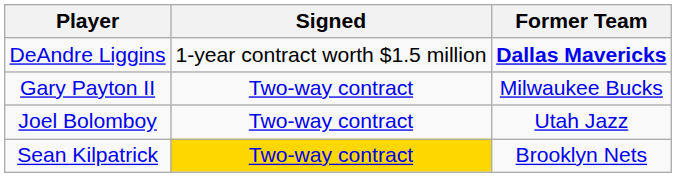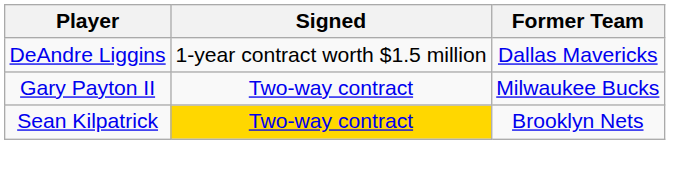 <table class="wikitable sortable sortable">
 <tr>
 <th>Player</th>
 <th>Signed</th>
 <th>Former Team</th>
 </tr>
 <tr style="text-align: center">
 <td><a href='#'>DeAndre Liggins</a></td>
 <td>1-year contract worth $1.5 million</td>
-<td><strong><a href='#'>Dallas Mavericks</a></strong></td>
+<td><a href='#'>Dallas Mavericks</a></td>
 </tr>
 <tr style="text-align: center">
 <td><a href='#'>Gary Payton II</a></td>
 <td><a href='#'>Two-way contract</a></td>
 <td><a href='#'>Milwaukee Bucks</a></td>
 </tr>
 <tr style="text-align: center">
-<td><a href='#'>Joel Bolomboy</a></td>
-<td><a href='#'>Two-way contract</a></td>
-<td><a href='#'>Utah Jazz</a></td>
-</tr>
-<tr style="text-align: center">
 <td><a href='#'>Sean Kilpatrick</a></td>
 <td style="background: gold;"><a href='#'>Two-way contract</a></td>
 <td><a href='#'>Brooklyn Nets</a></td>
 </tr>
 </table>
